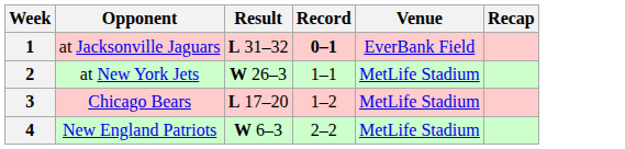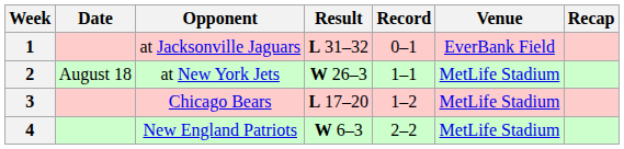 <table class="wikitable" style="text-align:center">
 <tr>
 <th>Week</th>
+<th>Date</th>
 <th>Opponent</th>
 <th>Result</th>
 <th>Record</th>
 <th>Venue</th>
 <th>Recap</th>
 </tr>
 <tr style="background:#fcc">
 <th>1</th>
+<td></td>
 <td>at <a href='#'>Jacksonville Jaguars</a></td>
 <td><strong>L</strong> 31–32</td>
-<td><strong>0–1</strong></td>
+<td>0–1</td>
 <td><a href='#'>EverBank Field</a></td>
 <td></td>
 </tr>
 <tr style="background:#cfc">
 <th>2</th>
+<td>August 18</td>
 <td>at <a href='#'>New York Jets</a></td>
 <td><strong>W</strong> 26–3</td>
 <td>1–1</td>
 <td><a href='#'>MetLife Stadium</a></td>
 <td></td>
 </tr>
 <tr style="background:#fcc">
 <th>3</th>
+<td></td>
 <td><a href='#'>Chicago Bears</a></td>
 <td><strong>L</strong> 17–20</td>
 <td>1–2</td>
 <td><a href='#'>MetLife Stadium</a></td>
 <td></td>
 </tr>
 <tr style="background:#cfc">
 <th>4</th>
+<td></td>
 <td><a href='#'>New England Patriots</a></td>
 <td><strong>W</strong> 6–3</td>
 <td>2–2</td>
 <td><a href='#'>MetLife Stadium</a></td>
 <td></td>
 </tr>
 </table>
